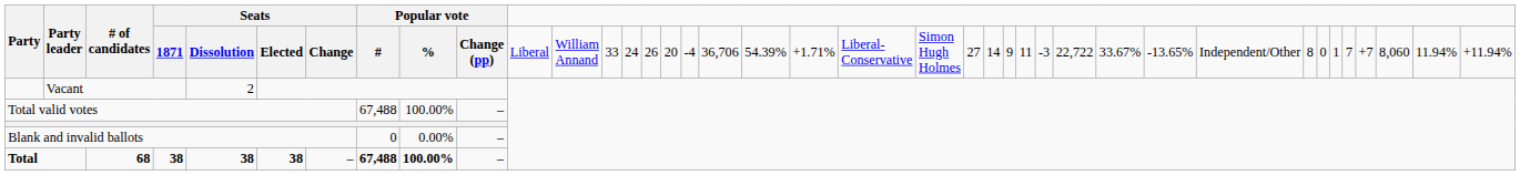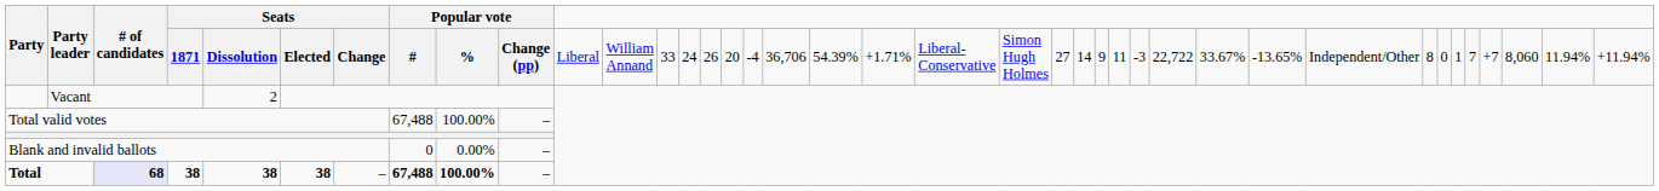 <table class="wikitable">
 <tr>
 <th rowspan="2" colspan="2">Party</th>
 <th rowspan="2">Party leader</th>
 <th rowspan="2"># of<br>candidates</th>
 <th colspan="4">Seats</th>
 <th colspan="3">Popular vote</th>
 </tr>
 <tr>
 <th><a href='#'>1871</a></th>
 <th><span><a href='#'>Dissolution</a></span></th>
 <th>Elected</th>
 <th>Change</th>
 <th>#</th>
 <th>%</th>
 <th>Change (<a href='#'>pp</a>)<br></th>
 <td><a href='#'>Liberal</a></td>
 <td><a href='#'>William Annand</a></td>
 <td align="right">33</td>
 <td align="right">24</td>
 <td align="right">26</td>
 <td align="right">20</td>
 <td align="right">-4</td>
 <td align="right">36,706</td>
 <td align="right">54.39%</td>
 <td align="right">+1.71%<br></td>
 <td><a href='#'>Liberal-Conservative</a></td>
 <td><a href='#'>Simon Hugh Holmes</a></td>
 <td align="right">27</td>
 <td align="right">14</td>
 <td align="right">9</td>
 <td align="right">11</td>
 <td align="right">-3</td>
 <td align="right">22,722</td>
 <td align="right">33.67%</td>
 <td align="right">-13.65%<br></td>
 <td colspan=2>Independent/Other</td>
 <td align="right">8</td>
 <td align="right">0</td>
 <td align="right">1</td>
 <td align="right">7</td>
 <td align="right">+7</td>
 <td align="right">8,060</td>
 <td align="right">11.94%</td>
 <td align="right">+11.94%</td>
 </tr>
 <tr>
 <td> </td>
 <td colspan=4>Vacant</td>
 <td align="right">2</td>
 <td colspan=5> </td>
 </tr>
 <tr>
 <td colspan="8">Total valid votes</td>
 <td align="right">67,488</td>
 <td align="right">100.00%</td>
 <td align="right">–</td>
 </tr>
 <tr>
 <th colspan="11"></th>
 </tr>
 <tr>
 <td colspan="8">Blank and invalid ballots</td>
 <td align="right">0</td>
 <td align="right">0.00%</td>
 <td align="right">–</td>
 </tr>
 <tr>
 <td colspan=3><strong>Total</strong></td>
-<td align="right"><strong>68</strong></td>
+<td align="right" style="background: lavender;"><strong>68</strong></td>
 <td align="right"><strong>38</strong></td>
 <td align="right"><strong>38</strong></td>
 <td align="right"><strong>38</strong></td>
 <td align="right">–</td>
 <td align="right"><strong>67,488</strong></td>
 <td align="right"><strong>100.00%</strong></td>
 <td align="right">–</td>
 </tr>
 </table>
